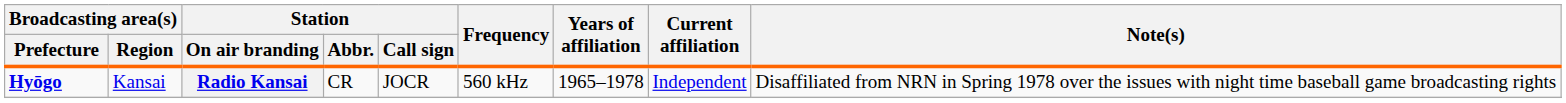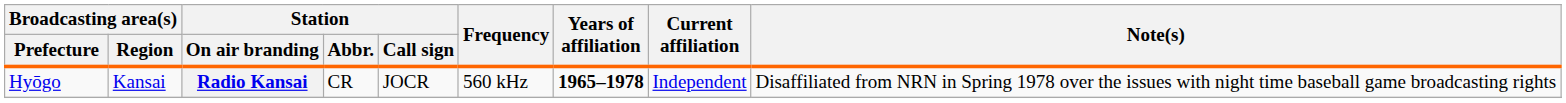 <table class="wikitable sortable">
 <tr>
 <th colspan="2">Broadcasting area(s)</th>
 <th colspan="3">Station</th>
 <th rowspan="2" style="border-bottom:3px solid #ff6600;">Frequency</th>
 <th rowspan="2" style="border-bottom:3px solid #ff6600;">Years of<br>affiliation</th>
 <th rowspan="2" style="border-bottom:3px solid #ff6600;">Current<br>affiliation</th>
 <th rowspan="2" style="border-bottom:3px solid #ff6600;">Note(s)</th>
 </tr>
 <tr>
 <th style="border-bottom:3px solid #ff6600;">Prefecture</th>
 <th style="border-bottom:3px solid #ff6600;">Region</th>
 <th style="border-bottom:3px solid #ff6600;">On air branding</th>
 <th style="border-bottom:3px solid #ff6600;">Abbr.</th>
 <th style="border-bottom:3px solid #ff6600;">Call sign</th>
 </tr>
 <tr>
-<td><strong><a href='#'>Hyōgo</a></strong></td>
+<td><a href='#'>Hyōgo</a></td>
 <td><a href='#'>Kansai</a></td>
 <th><a href='#'>Radio Kansai</a></th>
 <td>CR</td>
 <td>JOCR</td>
 <td>560 kHz</td>
-<td>1965–1978</td>
+<td><strong>1965–1978</strong></td>
 <td><a href='#'>Independent</a></td>
 <td>Disaffiliated from NRN in Spring 1978 over the issues with night time baseball game broadcasting rights</td>
 </tr>
 <tr>
 </tr>
 </table>
